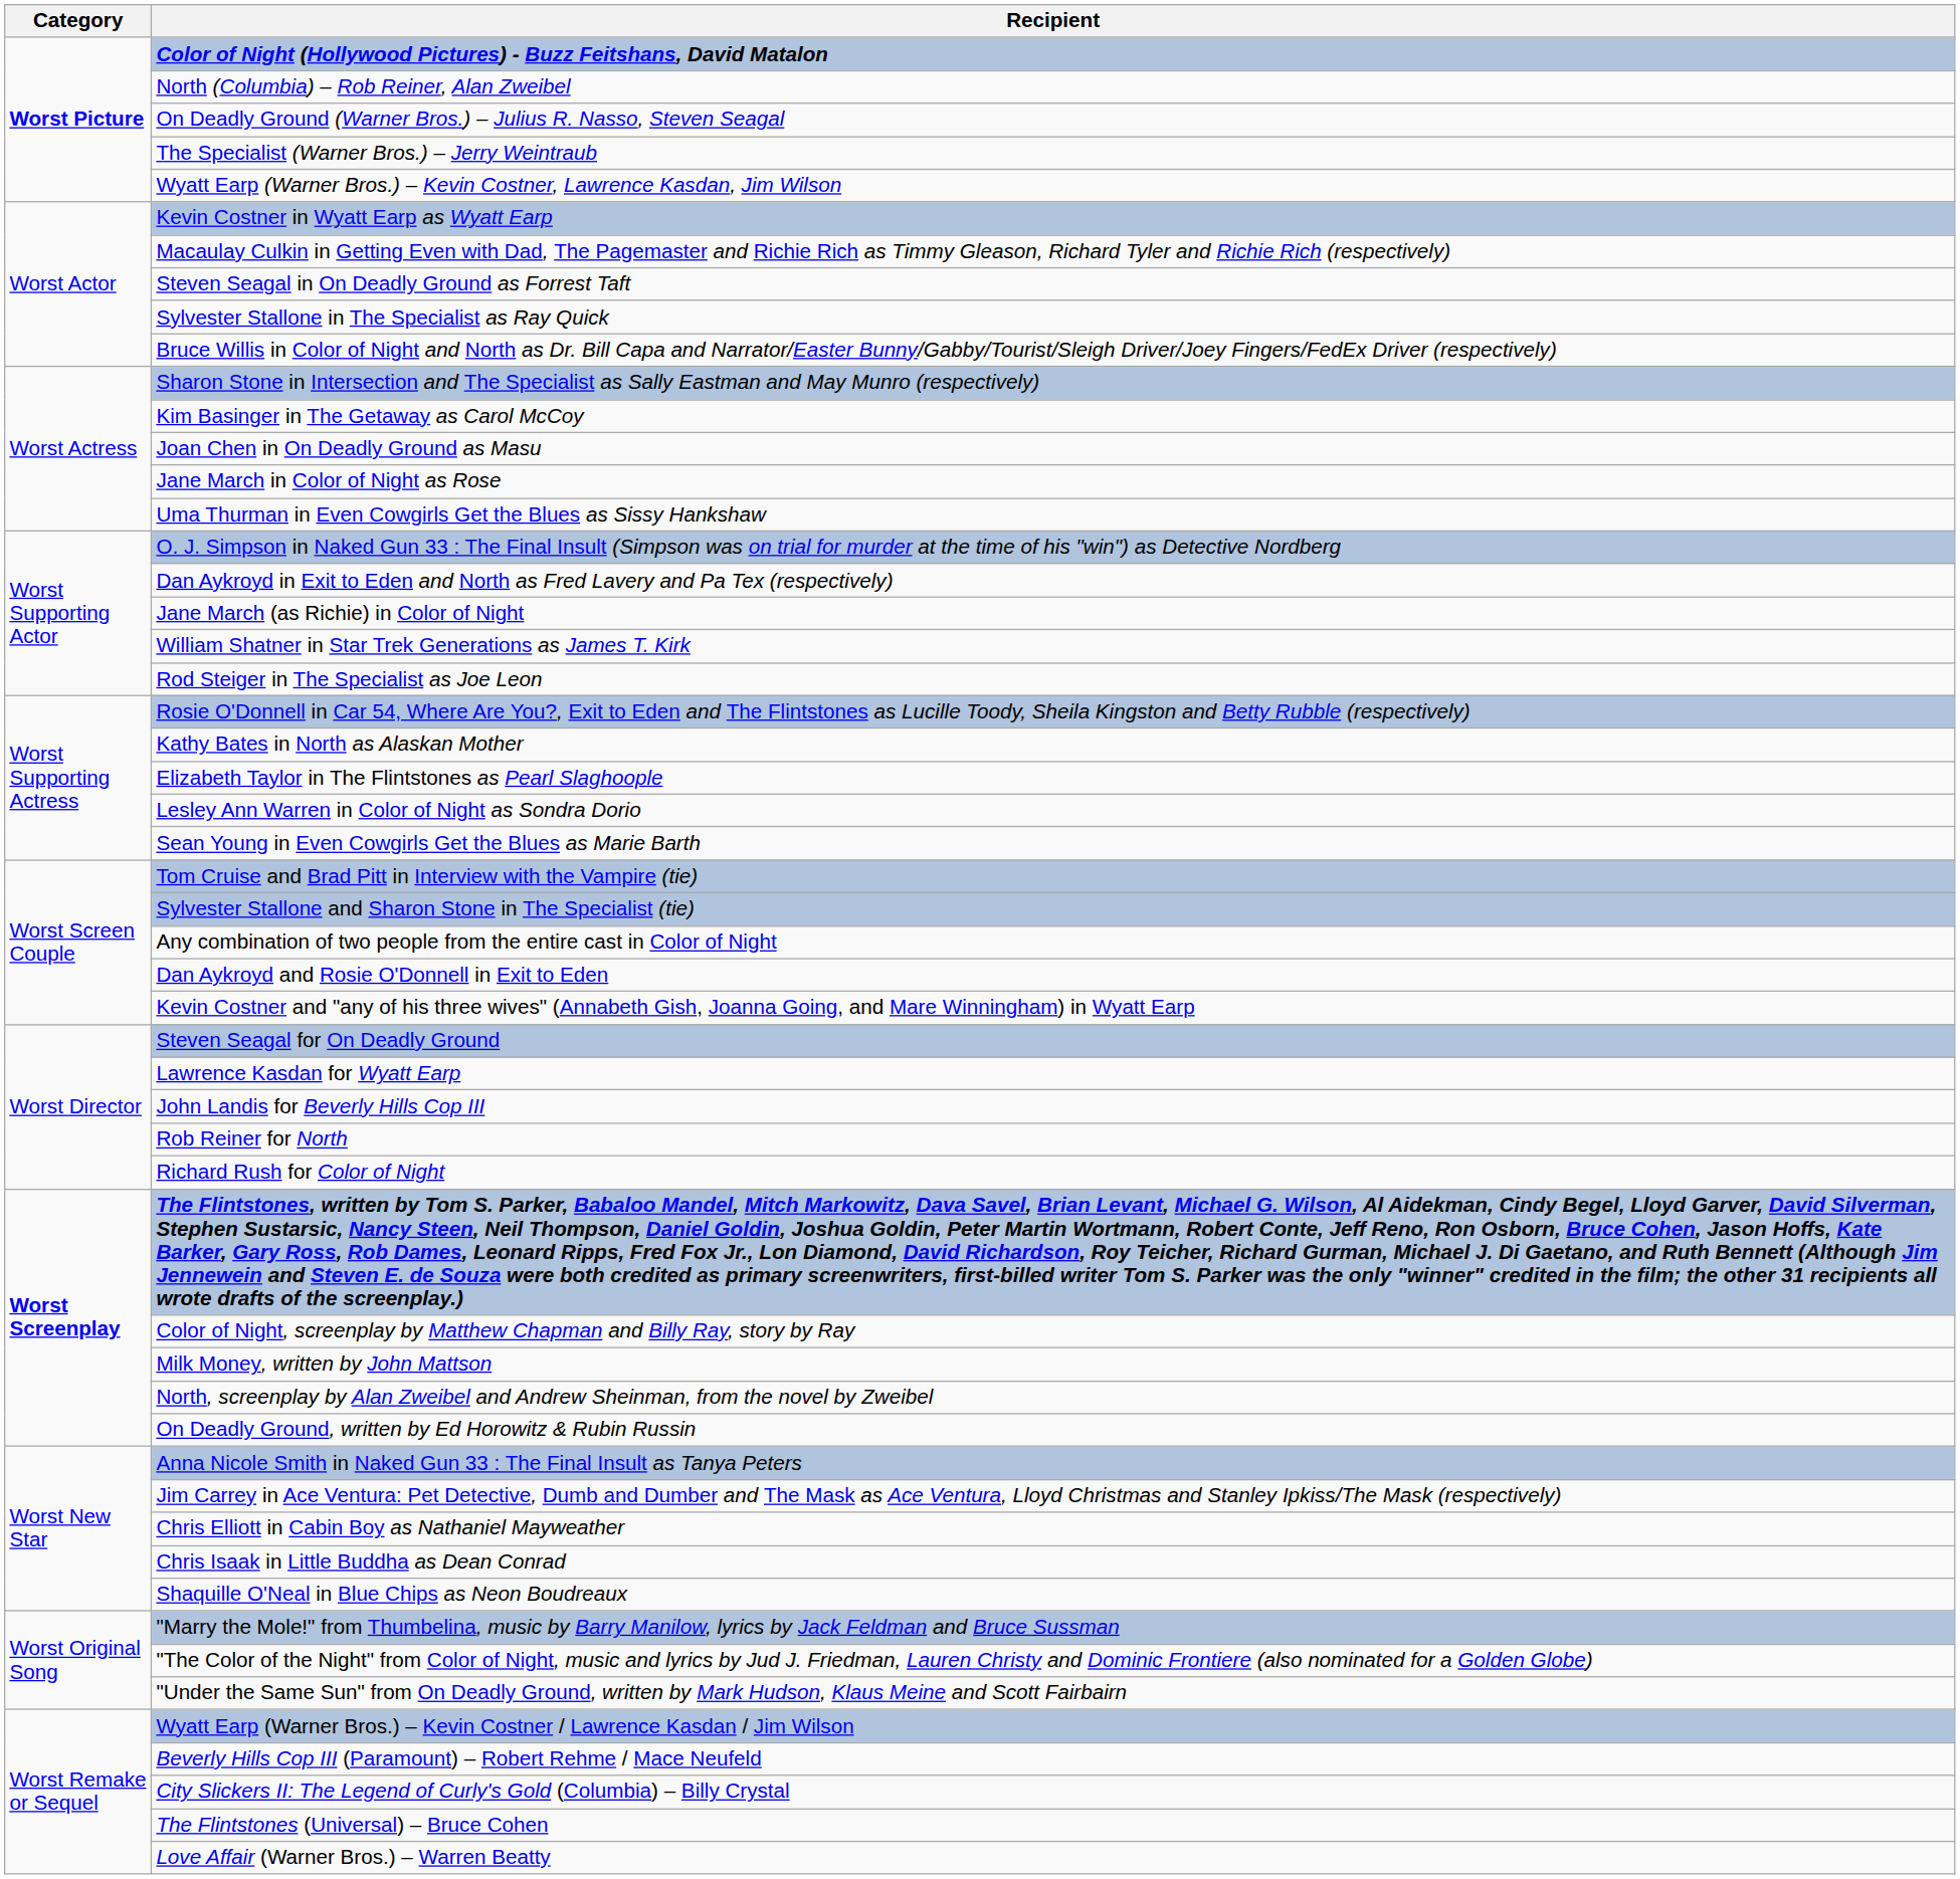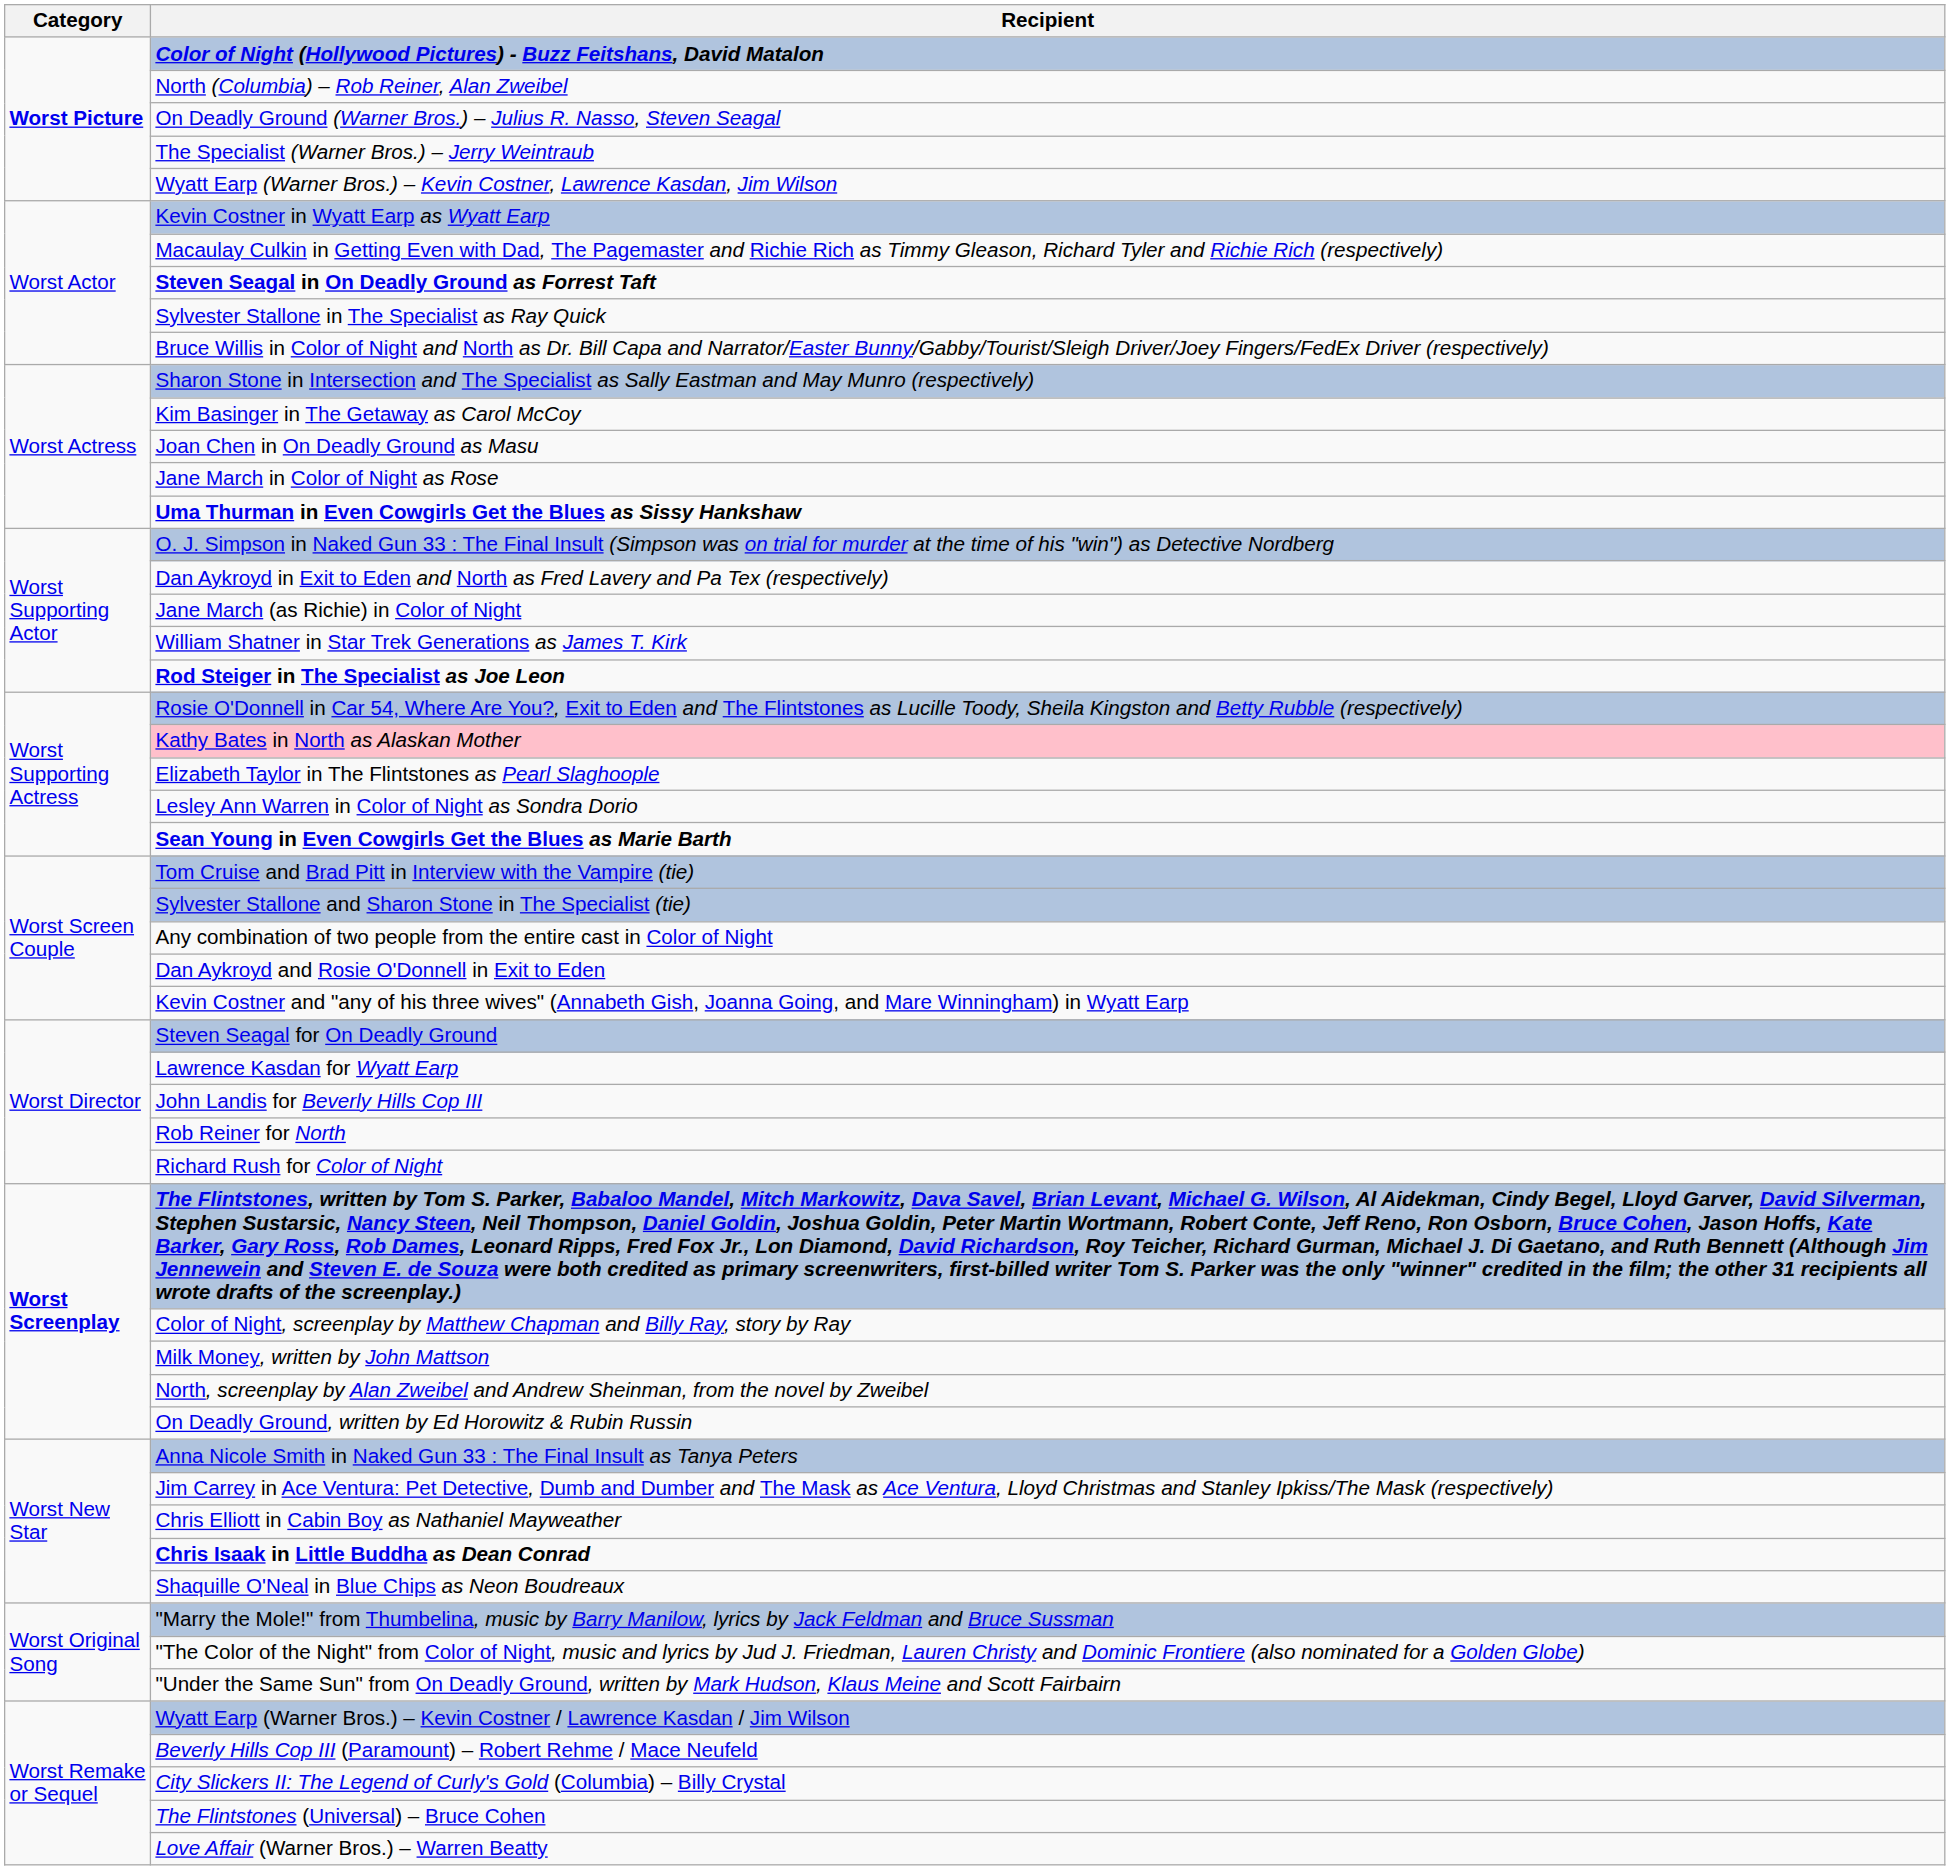 <table class="wikitable" width="95%" align="centre">
 <tr>
 <th>Category</th>
 <th>Recipient</th>
 </tr>
 <tr>
 <td rowspan=5><strong><a href='#'>Worst Picture</a></strong></td>
 <td style="background:#B0C4DE;"><strong><em><a href='#'>Color of Night</a><em> (<a href='#'>Hollywood Pictures</a>) - <a href='#'>Buzz Feitshans</a>, David Matalon<strong></td>
 </tr>
 <tr>
 <td></em><a href='#'>North</a><em> (<a href='#'>Columbia</a>) – <a href='#'>Rob Reiner</a>, <a href='#'>Alan Zweibel</a></td>
 </tr>
 <tr>
 <td></em><a href='#'>On Deadly Ground</a><em> (<a href='#'>Warner Bros.</a>) – <a href='#'>Julius R. Nasso</a>, <a href='#'>Steven Seagal</a></td>
 </tr>
 <tr>
 <td></em><a href='#'>The Specialist</a><em> (Warner Bros.) – <a href='#'>Jerry Weintraub</a></td>
 </tr>
 <tr>
 <td></em><a href='#'>Wyatt Earp</a><em> (Warner Bros.) – <a href='#'>Kevin Costner</a>, <a href='#'>Lawrence Kasdan</a>, <a href='#'>Jim Wilson</a></td>
 </tr>
 <tr>
 <td rowspan=5></strong><a href='#'>Worst Actor</a><strong></td>
 <td style="background:#B0C4DE;"></strong><a href='#'>Kevin Costner</a> in </em><a href='#'>Wyatt Earp</a><em> as <a href='#'>Wyatt Earp</a><strong></td>
 </tr>
 <tr>
 <td><a href='#'>Macaulay Culkin</a> in </em><a href='#'>Getting Even with Dad</a><em>, </em><a href='#'>The Pagemaster</a><em> and </em><a href='#'>Richie Rich</a><em> as Timmy Gleason, Richard Tyler and <a href='#'>Richie Rich</a> (respectively)</td>
 </tr>
 <tr>
-<td><a href='#'>Steven Seagal</a> in </em><a href='#'>On Deadly Ground</a><em> as Forrest Taft</td>
+<td><strong><a href='#'>Steven Seagal</a> in </em><a href='#'>On Deadly Ground</a><em> as Forrest Taft</strong></td>
 </tr>
 <tr>
 <td><a href='#'>Sylvester Stallone</a> in </em><a href='#'>The Specialist</a><em> as Ray Quick</td>
 </tr>
 <tr>
 <td><a href='#'>Bruce Willis</a> in </em><a href='#'>Color of Night</a><em> and </em><a href='#'>North</a><em> as Dr. Bill Capa and Narrator/<a href='#'>Easter Bunny</a>/Gabby/Tourist/Sleigh Driver/Joey Fingers/FedEx Driver (respectively)</td>
 </tr>
 <tr>
 <td rowspan=5></strong><a href='#'>Worst Actress</a><strong></td>
 <td style="background:#B0C4DE;"></strong><a href='#'>Sharon Stone</a> in </em><a href='#'>Intersection</a><em> and </em><a href='#'>The Specialist</a><em> as Sally Eastman and May Munro (respectively)<strong></td>
 </tr>
 <tr>
 <td><a href='#'>Kim Basinger</a> in </em><a href='#'>The Getaway</a><em> as Carol McCoy</td>
 </tr>
 <tr>
 <td><a href='#'>Joan Chen</a> in </em><a href='#'>On Deadly Ground</a><em> as Masu</td>
 </tr>
 <tr>
 <td><a href='#'>Jane March</a> in </em><a href='#'>Color of Night</a><em> as Rose</td>
 </tr>
 <tr>
-<td><a href='#'>Uma Thurman</a> in </em><a href='#'>Even Cowgirls Get the Blues</a><em> as Sissy Hankshaw</td>
+<td><strong><a href='#'>Uma Thurman</a> in </em><a href='#'>Even Cowgirls Get the Blues</a><em> as Sissy Hankshaw</strong></td>
 </tr>
 <tr>
 <td rowspan=5></strong><a href='#'>Worst Supporting Actor</a><strong></td>
 <td style="background:#B0C4DE;"></strong><a href='#'>O. J. Simpson</a> in </em><a href='#'>Naked Gun 33 : The Final Insult</a><em> (Simpson was <a href='#'>on trial for murder</a> at the time of his "win") as Detective Nordberg<strong></td>
 </tr>
 <tr>
 <td><a href='#'>Dan Aykroyd</a> in </em><a href='#'>Exit to Eden</a><em> and </em><a href='#'>North</a><em> as Fred Lavery and Pa Tex (respectively)</td>
 </tr>
 <tr>
 <td><a href='#'>Jane March</a> (as Richie) in </em><a href='#'>Color of Night</a><em></td>
 </tr>
 <tr>
 <td><a href='#'>William Shatner</a> in </em><a href='#'>Star Trek Generations</a><em> as <a href='#'>James T. Kirk</a></td>
 </tr>
 <tr>
-<td><a href='#'>Rod Steiger</a> in </em><a href='#'>The Specialist</a><em> as Joe Leon</td>
+<td><strong><a href='#'>Rod Steiger</a> in </em><a href='#'>The Specialist</a><em> as Joe Leon</strong></td>
 </tr>
 <tr>
 <td rowspan=5></strong><a href='#'>Worst Supporting Actress</a><strong></td>
 <td style="background:#B0C4DE;"></strong><a href='#'>Rosie O'Donnell</a> in </em><a href='#'>Car 54, Where Are You?</a><em>, </em><a href='#'>Exit to Eden</a><em> and </em><a href='#'>The Flintstones</a><em> as Lucille Toody, Sheila Kingston and <a href='#'>Betty Rubble</a> (respectively)<strong></td>
 </tr>
 <tr>
-<td><a href='#'>Kathy Bates</a> in </em><a href='#'>North</a><em> as Alaskan Mother</td>
+<td style="background: pink;"><a href='#'>Kathy Bates</a> in </em><a href='#'>North</a><em> as Alaskan Mother</td>
 </tr>
 <tr>
 <td><a href='#'>Elizabeth Taylor</a> in </em>The Flintstones<em> as <a href='#'>Pearl Slaghoople</a></td>
 </tr>
 <tr>
 <td><a href='#'>Lesley Ann Warren</a> in </em><a href='#'>Color of Night</a><em> as Sondra Dorio</td>
 </tr>
 <tr>
-<td><a href='#'>Sean Young</a> in </em><a href='#'>Even Cowgirls Get the Blues</a><em> as Marie Barth</td>
+<td><strong><a href='#'>Sean Young</a> in </em><a href='#'>Even Cowgirls Get the Blues</a><em> as Marie Barth</strong></td>
 </tr>
 <tr>
 <td rowspan=5></strong><a href='#'>Worst Screen Couple</a><strong></td>
 <td style="background:#B0C4DE;"></strong><a href='#'>Tom Cruise</a> and <a href='#'>Brad Pitt</a> in </em><a href='#'>Interview with the Vampire</a><em> (tie)<strong></td>
 </tr>
 <tr>
 <td style="background:#B0C4DE;"></strong><a href='#'>Sylvester Stallone</a> and <a href='#'>Sharon Stone</a> in </em><a href='#'>The Specialist</a><em> (tie)<strong></td>
 </tr>
 <tr>
 <td>Any combination of two people from the entire cast in </em><a href='#'>Color of Night</a><em></td>
 </tr>
 <tr>
 <td><a href='#'>Dan Aykroyd</a> and <a href='#'>Rosie O'Donnell</a> in </em><a href='#'>Exit to Eden</a><em></td>
 </tr>
 <tr>
 <td><a href='#'>Kevin Costner</a> and "any of his three wives" (<a href='#'>Annabeth Gish</a>, <a href='#'>Joanna Going</a>, and <a href='#'>Mare Winningham</a>) in </em><a href='#'>Wyatt Earp</a><em></td>
 </tr>
 <tr>
 <td rowspan=5></strong><a href='#'>Worst Director</a><strong></td>
 <td style="background:#B0C4DE;"></strong><a href='#'>Steven Seagal</a> for </em><a href='#'>On Deadly Ground</a></em></strong></td>
 </tr>
 <tr>
 <td><a href='#'>Lawrence Kasdan</a> for <em><a href='#'>Wyatt Earp</a></em></td>
 </tr>
 <tr>
 <td><a href='#'>John Landis</a> for <em><a href='#'>Beverly Hills Cop III</a></em></td>
 </tr>
 <tr>
 <td><a href='#'>Rob Reiner</a> for <em><a href='#'>North</a></em></td>
 </tr>
 <tr>
 <td><a href='#'>Richard Rush</a> for <em><a href='#'>Color of Night</a></em></td>
 </tr>
 <tr>
 <td rowspan=5><strong><a href='#'>Worst Screenplay</a></strong></td>
 <td style="background:#B0C4DE;"><strong><em><a href='#'>The Flintstones</a><em>, written by Tom S. Parker, <a href='#'>Babaloo Mandel</a>, <a href='#'>Mitch Markowitz</a>, <a href='#'>Dava Savel</a>, <a href='#'>Brian Levant</a>, <a href='#'>Michael G. Wilson</a>, Al Aidekman, Cindy Begel, Lloyd Garver, <a href='#'>David Silverman</a>, Stephen Sustarsic, <a href='#'>Nancy Steen</a>, Neil Thompson, <a href='#'>Daniel Goldin</a>, Joshua Goldin, Peter Martin Wortmann, Robert Conte, Jeff Reno, Ron Osborn, <a href='#'>Bruce Cohen</a>, Jason Hoffs, <a href='#'>Kate Barker</a>, <a href='#'>Gary Ross</a>, <a href='#'>Rob Dames</a>, Leonard Ripps, Fred Fox Jr., Lon Diamond, <a href='#'>David Richardson</a>, Roy Teicher, Richard Gurman, Michael J. Di Gaetano, and Ruth Bennett<strong> (Although <a href='#'>Jim Jennewein</a> and <a href='#'>Steven E. de Souza</a> were both credited as primary screenwriters, first-billed writer Tom S. Parker was the only "winner" credited in the film; the other 31 recipients all wrote drafts of the screenplay.)</td>
 </tr>
 <tr>
 <td></em><a href='#'>Color of Night</a><em>, screenplay by <a href='#'>Matthew Chapman</a> and <a href='#'>Billy Ray</a>, story by Ray</td>
 </tr>
 <tr>
 <td></em><a href='#'>Milk Money</a><em>, written by <a href='#'>John Mattson</a></td>
 </tr>
 <tr>
 <td></em><a href='#'>North</a><em>, screenplay by <a href='#'>Alan Zweibel</a> and Andrew Sheinman, from the novel by Zweibel</td>
 </tr>
 <tr>
 <td></em><a href='#'>On Deadly Ground</a><em>, written by Ed Horowitz & Rubin Russin</td>
 </tr>
 <tr>
 <td rowspan=5></strong><a href='#'>Worst New Star</a><strong></td>
 <td style="background:#B0C4DE;"></strong><a href='#'>Anna Nicole Smith</a> in </em><a href='#'>Naked Gun 33 : The Final Insult</a><em> as Tanya Peters<strong></td>
 </tr>
 <tr>
 <td><a href='#'>Jim Carrey</a> in </em><a href='#'>Ace Ventura: Pet Detective</a><em>, </em><a href='#'>Dumb and Dumber</a><em> and </em><a href='#'>The Mask</a><em> as <a href='#'>Ace Ventura</a>, Lloyd Christmas and Stanley Ipkiss/The Mask (respectively)</td>
 </tr>
 <tr>
 <td><a href='#'>Chris Elliott</a> in </em><a href='#'>Cabin Boy</a><em> as Nathaniel Mayweather</td>
 </tr>
 <tr>
-<td><a href='#'>Chris Isaak</a> in </em><a href='#'>Little Buddha</a><em> as Dean Conrad</td>
+<td><strong><a href='#'>Chris Isaak</a> in </em><a href='#'>Little Buddha</a><em> as Dean Conrad</strong></td>
 </tr>
 <tr>
 <td><a href='#'>Shaquille O'Neal</a> in </em><a href='#'>Blue Chips</a><em> as Neon Boudreaux</td>
 </tr>
 <tr>
 <td rowspan=3></strong><a href='#'>Worst Original Song</a><strong></td>
 <td style="background:#B0C4DE;"></strong>"Marry the Mole!" from </em><a href='#'>Thumbelina</a><em>, music by <a href='#'>Barry Manilow</a>, lyrics by <a href='#'>Jack Feldman</a> and <a href='#'>Bruce Sussman</a><strong></td>
 </tr>
 <tr>
 <td>"The Color of the Night" from </em><a href='#'>Color of Night</a><em>, music and lyrics by Jud J. Friedman, <a href='#'>Lauren Christy</a> and <a href='#'>Dominic Frontiere</a> (also nominated for a <a href='#'>Golden Globe</a>)</td>
 </tr>
 <tr>
 <td>"Under the Same Sun" from </em><a href='#'>On Deadly Ground</a><em>, written by <a href='#'>Mark Hudson</a>, <a href='#'>Klaus Meine</a> and Scott Fairbairn</td>
 </tr>
 <tr>
 <td rowspan=5></strong><a href='#'>Worst Remake or Sequel</a><strong></td>
 <td style="background:#B0C4DE;"></em></strong><a href='#'>Wyatt Earp</a></em> (Warner Bros.) – <a href='#'>Kevin Costner</a> / <a href='#'>Lawrence Kasdan</a> / <a href='#'>Jim Wilson</a></strong></td>
 </tr>
 <tr>
 <td><em><a href='#'>Beverly Hills Cop III</a></em> (<a href='#'>Paramount</a>) – <a href='#'>Robert Rehme</a> / <a href='#'>Mace Neufeld</a></td>
 </tr>
 <tr>
 <td><em><a href='#'>City Slickers II: The Legend of Curly's Gold</a></em> (<a href='#'>Columbia</a>) – <a href='#'>Billy Crystal</a></td>
 </tr>
 <tr>
 <td><em><a href='#'>The Flintstones</a></em> (<a href='#'>Universal</a>) – <a href='#'>Bruce Cohen</a></td>
 </tr>
 <tr>
 <td><em><a href='#'>Love Affair</a></em> (Warner Bros.) – <a href='#'>Warren Beatty</a></td>
 </tr>
 </table>
